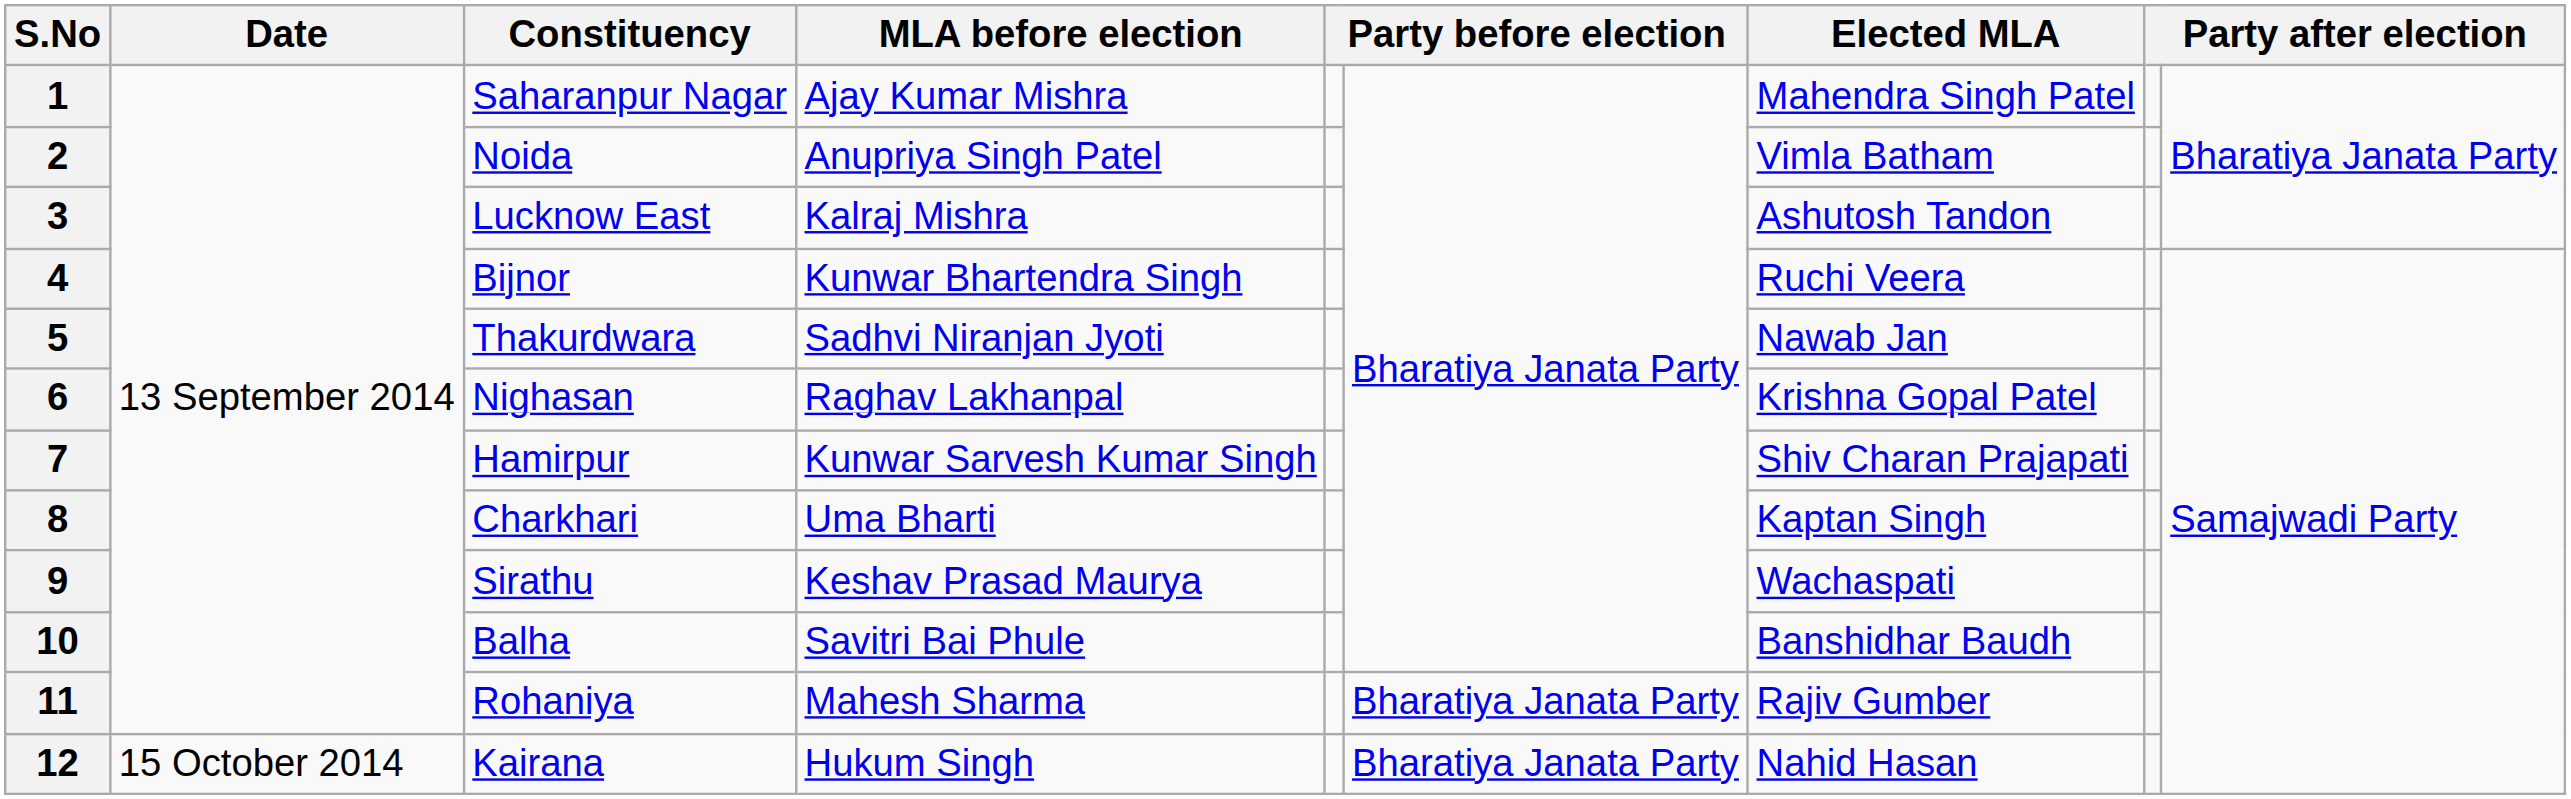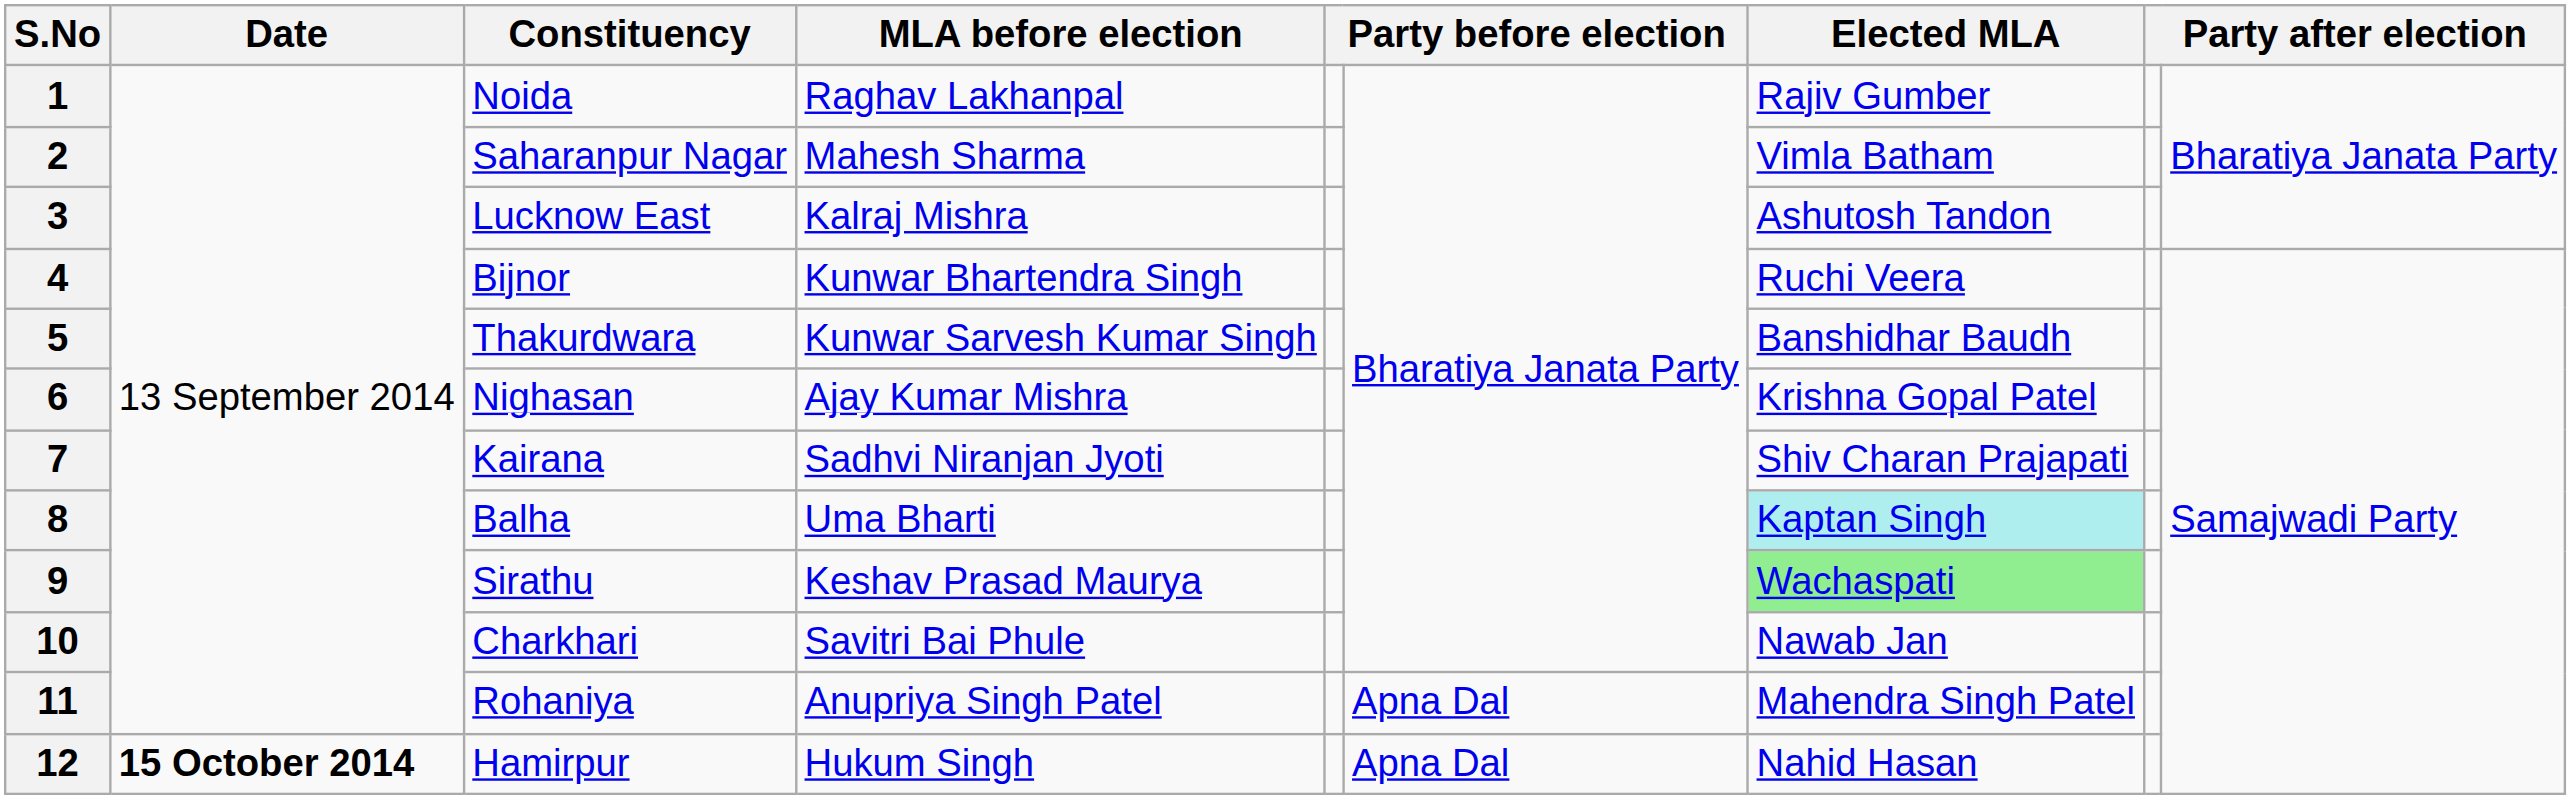 <table class="wikitable sortable">
 <tr>
 <th>S.No</th>
 <th>Date</th>
 <th>Constituency</th>
 <th>MLA before election</th>
 <th colspan="2">Party before election</th>
 <th>Elected MLA</th>
 <th colspan="2">Party after election</th>
 </tr>
 <tr>
 <th>1</th>
 <td rowspan="11">13 September 2014</td>
-<td><a href='#'>Saharanpur Nagar</a></td>
-<td><a href='#'>Ajay Kumar Mishra</a></td>
+<td><a href='#'>Noida</a></td>
+<td><a href='#'>Raghav Lakhanpal</a></td>
 <td></td>
 <td rowspan="10"><a href='#'>Bharatiya Janata Party</a></td>
-<td><a href='#'>Mahendra Singh Patel</a></td>
+<td><a href='#'>Rajiv Gumber</a></td>
 <td></td>
 <td rowspan="3"><a href='#'>Bharatiya Janata Party</a></td>
 </tr>
 <tr>
 <th>2</th>
-<td><a href='#'>Noida</a></td>
-<td><a href='#'>Anupriya Singh Patel</a></td>
+<td><a href='#'>Saharanpur Nagar</a></td>
+<td><a href='#'>Mahesh Sharma</a></td>
 <td></td>
 <td><a href='#'>Vimla Batham</a></td>
 <td></td>
 </tr>
 <tr>
 <th>3</th>
 <td><a href='#'>Lucknow East</a></td>
 <td><a href='#'>Kalraj Mishra</a></td>
 <td></td>
 <td><a href='#'>Ashutosh Tandon</a></td>
 <td></td>
 </tr>
 <tr>
 <th>4</th>
 <td><a href='#'>Bijnor</a></td>
 <td><a href='#'>Kunwar Bhartendra Singh</a></td>
 <td></td>
 <td><a href='#'>Ruchi Veera</a></td>
 <td></td>
 <td rowspan="9"><a href='#'>Samajwadi Party</a></td>
 </tr>
 <tr>
 <th>5</th>
 <td><a href='#'>Thakurdwara</a></td>
-<td><a href='#'>Sadhvi Niranjan Jyoti</a></td>
+<td><a href='#'>Kunwar Sarvesh Kumar Singh</a></td>
 <td></td>
-<td><a href='#'>Nawab Jan</a></td>
+<td><a href='#'>Banshidhar Baudh</a></td>
 <td></td>
 </tr>
 <tr>
 <th>6</th>
 <td><a href='#'>Nighasan</a></td>
-<td><a href='#'>Raghav Lakhanpal</a></td>
+<td><a href='#'>Ajay Kumar Mishra</a></td>
 <td></td>
 <td><a href='#'>Krishna Gopal Patel</a></td>
 <td></td>
 </tr>
 <tr>
 <th>7</th>
-<td><a href='#'>Hamirpur</a></td>
-<td><a href='#'>Kunwar Sarvesh Kumar Singh</a></td>
+<td><a href='#'>Kairana</a></td>
+<td><a href='#'>Sadhvi Niranjan Jyoti</a></td>
 <td></td>
 <td><a href='#'>Shiv Charan Prajapati</a></td>
 <td></td>
 </tr>
 <tr>
 <th>8</th>
-<td><a href='#'>Charkhari</a></td>
+<td><a href='#'>Balha</a></td>
 <td><a href='#'>Uma Bharti</a></td>
 <td></td>
-<td><a href='#'>Kaptan Singh</a></td>
+<td style="background: paleturquoise;"><a href='#'>Kaptan Singh</a></td>
 <td></td>
 </tr>
 <tr>
 <th>9</th>
 <td><a href='#'>Sirathu</a></td>
 <td><a href='#'>Keshav Prasad Maurya</a></td>
 <td></td>
-<td><a href='#'>Wachaspati</a></td>
+<td style="background: lightgreen;"><a href='#'>Wachaspati</a></td>
 <td></td>
 </tr>
 <tr>
 <th>10</th>
-<td><a href='#'>Balha</a></td>
+<td><a href='#'>Charkhari</a></td>
 <td><a href='#'>Savitri Bai Phule</a></td>
 <td></td>
-<td><a href='#'>Banshidhar Baudh</a></td>
+<td><a href='#'>Nawab Jan</a></td>
 <td></td>
 </tr>
 <tr>
 <th>11</th>
 <td><a href='#'>Rohaniya</a></td>
-<td><a href='#'>Mahesh Sharma</a></td>
+<td><a href='#'>Anupriya Singh Patel</a></td>
 <td></td>
-<td><a href='#'>Bharatiya Janata Party</a></td>
-<td><a href='#'>Rajiv Gumber</a></td>
+<td><a href='#'>Apna Dal</a></td>
+<td><a href='#'>Mahendra Singh Patel</a></td>
 <td></td>
 </tr>
 <tr>
 <th>12</th>
-<td>15 October 2014</td>
-<td><a href='#'>Kairana</a></td>
+<td><strong>15 October 2014</strong></td>
+<td><a href='#'>Hamirpur</a></td>
 <td><a href='#'>Hukum Singh</a></td>
 <td></td>
-<td><a href='#'>Bharatiya Janata Party</a></td>
+<td><a href='#'>Apna Dal</a></td>
 <td><a href='#'>Nahid Hasan</a></td>
 <td></td>
 </tr>
 </table>
